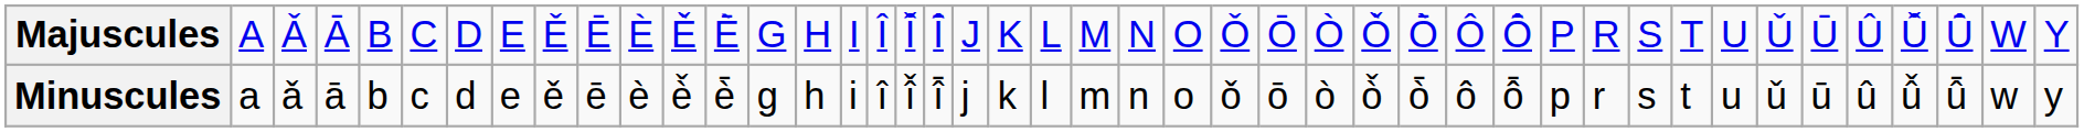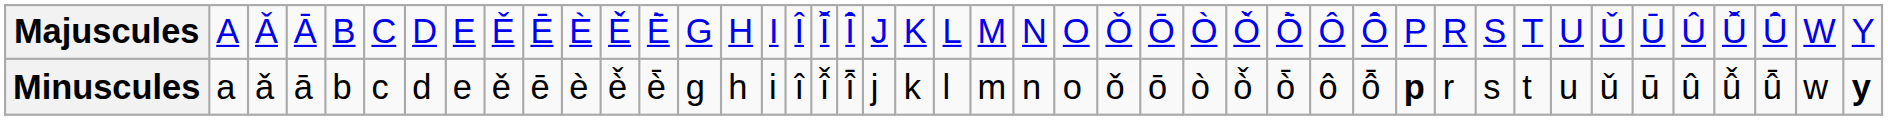 <table class="wikitable">
 <tr>
 <th>Majuscules</th>
 <td><a href='#'>A</a></td>
 <td><a href='#'>Ǎ</a></td>
 <td><a href='#'>Ā</a></td>
 <td><a href='#'>B</a></td>
 <td><a href='#'>C</a></td>
 <td><a href='#'>D</a></td>
 <td><a href='#'>E</a></td>
 <td><a href='#'>Ě</a></td>
 <td><a href='#'>Ē</a></td>
 <td><a href='#'>È</a></td>
 <td><a href='#'>È̌</a></td>
 <td><a href='#'>È̄</a></td>
 <td><a href='#'>G</a></td>
 <td><a href='#'>H</a></td>
 <td><a href='#'>I</a></td>
 <td><a href='#'>Î</a></td>
 <td><a href='#'>Î̌</a></td>
 <td><a href='#'>Î̄</a></td>
 <td><a href='#'>J</a></td>
 <td><a href='#'>K</a></td>
 <td><a href='#'>L</a></td>
 <td><a href='#'>M</a></td>
 <td><a href='#'>N</a></td>
 <td><a href='#'>O</a></td>
 <td><a href='#'>Ǒ</a></td>
 <td><a href='#'>Ō</a></td>
 <td><a href='#'>Ò</a></td>
 <td><a href='#'>Ò̌</a></td>
 <td><a href='#'>Ò̄</a></td>
 <td><a href='#'>Ô</a></td>
 <td><a href='#'>Ô̄</a></td>
 <td><a href='#'>P</a></td>
 <td><a href='#'>R</a></td>
 <td><a href='#'>S</a></td>
 <td><a href='#'>T</a></td>
 <td><a href='#'>U</a></td>
 <td><a href='#'>Ǔ</a></td>
 <td><a href='#'>Ū</a></td>
 <td><a href='#'>Û</a></td>
 <td><a href='#'>Û̌</a></td>
 <td><a href='#'>Û̄</a></td>
 <td><a href='#'>W</a></td>
 <td><a href='#'>Y</a></td>
 </tr>
 <tr>
 <th>Minuscules</th>
 <td>a</td>
 <td>ǎ</td>
 <td>ā</td>
 <td>b</td>
 <td>c</td>
 <td>d</td>
 <td>e</td>
 <td>ě</td>
 <td>ē</td>
 <td>è</td>
 <td>è̌</td>
 <td>è̄</td>
 <td>g</td>
 <td>h</td>
 <td>i</td>
 <td>î</td>
 <td>î̌</td>
 <td>î̄</td>
 <td>j</td>
 <td>k</td>
 <td>l</td>
 <td>m</td>
 <td>n</td>
 <td>o</td>
 <td>ǒ</td>
 <td>ō</td>
 <td>ò</td>
 <td>ò̌</td>
 <td>ò̄</td>
 <td>ô</td>
 <td>ô̄</td>
-<td>p</td>
+<td><strong>p</strong></td>
 <td>r</td>
 <td>s</td>
 <td>t</td>
 <td>u</td>
 <td>ǔ</td>
 <td>ū</td>
 <td>û</td>
 <td>û̌</td>
 <td>û̄</td>
 <td>w</td>
-<td>y</td>
+<td><strong>y</strong></td>
 </tr>
 </table>
